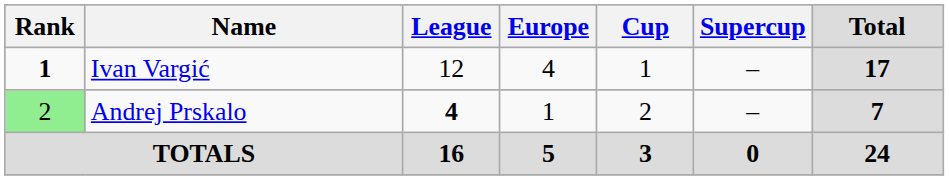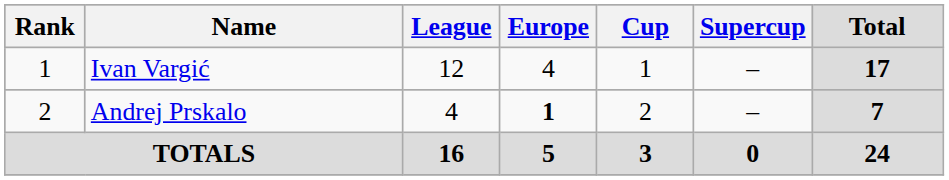 <table class="wikitable" style="font-size: 95%; text-align: center;">
 <tr>
 <th width=40>Rank</th>
 <th width=180>Name</th>
 <th width=50><a href='#'>League</a></th>
 <th width=50><a href='#'>Europe</a></th>
 <th width=50><a href='#'>Cup</a></th>
 <th width=50><a href='#'>Supercup</a></th>
 <th width=70 style="background: #DCDCDC">Total</th>
 </tr>
 <tr>
-<td rowspan=1><strong>1</strong></td>
+<td rowspan=1>1</td>
 <td style="text-align:left;"> <a href='#'>Ivan Vargić</a></td>
 <td>12</td>
 <td>4</td>
 <td>1</td>
 <td>–</td>
 <th style="background: #DCDCDC">17</th>
 </tr>
 <tr>
-<td rowspan=1 style="background: lightgreen;">2</td>
+<td rowspan=1>2</td>
 <td style="text-align:left;"> <a href='#'>Andrej Prskalo</a></td>
-<td><strong>4</strong></td>
-<td>1</td>
+<td>4</td>
+<td><strong>1</strong></td>
 <td>2</td>
 <td>–</td>
 <th style="background: #DCDCDC">7</th>
 </tr>
 <tr>
 <th colspan="2" align="center" style="background: #DCDCDC">TOTALS</th>
 <th style="background: #DCDCDC">16</th>
 <th style="background: #DCDCDC">5</th>
 <th style="background: #DCDCDC">3</th>
 <th style="background: #DCDCDC">0</th>
 <th style="background: #DCDCDC">24</th>
 </tr>
 </table>
